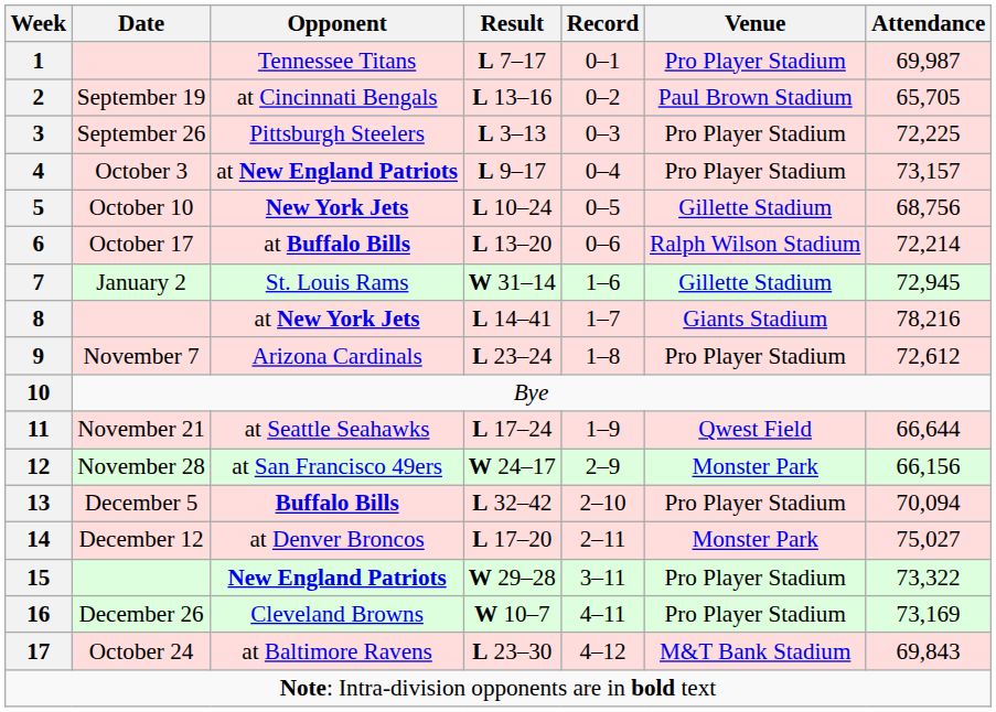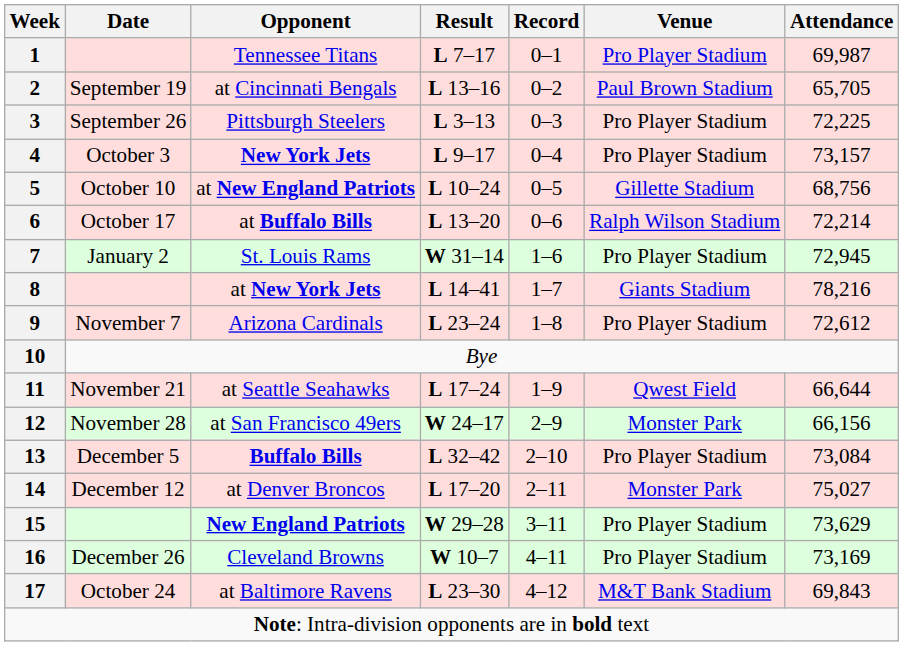 <table class="wikitable" style="text-align:center">
 <tr>
 <th>Week</th>
 <th>Date</th>
 <th>Opponent</th>
 <th>Result</th>
 <th>Record</th>
 <th>Venue</th>
 <th>Attendance</th>
 </tr>
 <tr style="background:#fdd">
 <th>1</th>
 <td></td>
 <td><a href='#'>Tennessee Titans</a></td>
 <td><strong>L</strong> 7–17</td>
 <td>0–1</td>
 <td><a href='#'>Pro Player Stadium</a></td>
 <td>69,987</td>
 </tr>
 <tr style="background:#fdd">
 <th>2</th>
 <td>September 19</td>
 <td>at <a href='#'>Cincinnati Bengals</a></td>
 <td><strong>L</strong> 13–16</td>
 <td>0–2</td>
 <td><a href='#'>Paul Brown Stadium</a></td>
 <td>65,705</td>
 </tr>
 <tr style="background:#fdd">
 <th>3</th>
 <td>September 26</td>
 <td><a href='#'>Pittsburgh Steelers</a></td>
 <td><strong>L</strong> 3–13</td>
 <td>0–3</td>
 <td>Pro Player Stadium</td>
 <td>72,225</td>
 </tr>
 <tr style="background:#fdd">
 <th>4</th>
 <td>October 3</td>
-<td>at <strong><a href='#'>New England Patriots</a></strong></td>
+<td><strong><a href='#'>New York Jets</a></strong></td>
 <td><strong>L</strong> 9–17</td>
 <td>0–4</td>
 <td>Pro Player Stadium</td>
 <td>73,157</td>
 </tr>
 <tr style="background:#fdd">
 <th>5</th>
 <td>October 10</td>
-<td><strong><a href='#'>New York Jets</a></strong></td>
+<td>at <strong><a href='#'>New England Patriots</a></strong></td>
 <td><strong>L</strong> 10–24</td>
 <td>0–5</td>
 <td><a href='#'>Gillette Stadium</a></td>
 <td>68,756</td>
 </tr>
 <tr style="background:#fdd">
 <th>6</th>
 <td>October 17</td>
 <td>at <strong><a href='#'>Buffalo Bills</a></strong></td>
 <td><strong>L</strong> 13–20</td>
 <td>0–6</td>
 <td><a href='#'>Ralph Wilson Stadium</a></td>
 <td>72,214</td>
 </tr>
 <tr style="background:#dfd">
 <th>7</th>
 <td>January 2</td>
 <td><a href='#'>St. Louis Rams</a></td>
 <td><strong>W</strong> 31–14</td>
 <td>1–6</td>
-<td><a href='#'>Gillette Stadium</a></td>
+<td>Pro Player Stadium</td>
 <td>72,945</td>
 </tr>
 <tr style="background:#fdd">
 <th>8</th>
 <td></td>
 <td>at <strong><a href='#'>New York Jets</a></strong></td>
 <td><strong>L</strong> 14–41</td>
 <td>1–7</td>
 <td><a href='#'>Giants Stadium</a></td>
 <td>78,216</td>
 </tr>
 <tr style="background:#fdd">
 <th>9</th>
 <td>November 7</td>
 <td><a href='#'>Arizona Cardinals</a></td>
 <td><strong>L</strong> 23–24</td>
 <td>1–8</td>
 <td>Pro Player Stadium</td>
 <td>72,612</td>
 </tr>
 <tr>
 <th>10</th>
 <td colspan="6"><em>Bye</em></td>
 </tr>
 <tr style="background:#fdd">
 <th>11</th>
 <td>November 21</td>
 <td>at <a href='#'>Seattle Seahawks</a></td>
 <td><strong>L</strong> 17–24</td>
 <td>1–9</td>
 <td><a href='#'>Qwest Field</a></td>
 <td>66,644</td>
 </tr>
 <tr style="background:#dfd">
 <th>12</th>
 <td>November 28</td>
 <td>at <a href='#'>San Francisco 49ers</a></td>
 <td><strong>W</strong> 24–17</td>
 <td>2–9</td>
 <td><a href='#'>Monster Park</a></td>
 <td>66,156</td>
 </tr>
 <tr style="background:#fdd">
 <th>13</th>
 <td>December 5</td>
 <td><strong><a href='#'>Buffalo Bills</a></strong></td>
 <td><strong>L</strong> 32–42</td>
 <td>2–10</td>
 <td>Pro Player Stadium</td>
-<td>70,094</td>
+<td>73,084</td>
 </tr>
 <tr style="background:#fdd">
 <th>14</th>
 <td>December 12</td>
 <td>at <a href='#'>Denver Broncos</a></td>
 <td><strong>L</strong> 17–20</td>
 <td>2–11</td>
 <td><a href='#'>Monster Park</a></td>
 <td>75,027</td>
 </tr>
 <tr style="background:#dfd">
 <th>15</th>
 <td></td>
 <td><strong><a href='#'>New England Patriots</a></strong></td>
 <td><strong>W</strong> 29–28</td>
 <td>3–11</td>
 <td>Pro Player Stadium</td>
-<td>73,322</td>
+<td>73,629</td>
 </tr>
 <tr style="background:#dfd">
 <th>16</th>
 <td>December 26</td>
 <td><a href='#'>Cleveland Browns</a></td>
 <td><strong>W</strong> 10–7</td>
 <td>4–11</td>
 <td>Pro Player Stadium</td>
 <td>73,169</td>
 </tr>
 <tr style="background:#fdd">
 <th>17</th>
 <td>October 24</td>
 <td>at <a href='#'>Baltimore Ravens</a></td>
 <td><strong>L</strong> 23–30</td>
 <td>4–12</td>
 <td><a href='#'>M&T Bank Stadium</a></td>
 <td>69,843</td>
 </tr>
 <tr>
 <td colspan="7"><strong>Note</strong>: Intra-division opponents are in <strong>bold</strong> text</td>
 </tr>
 </table>
